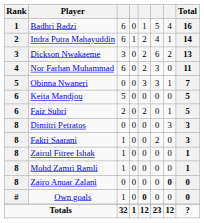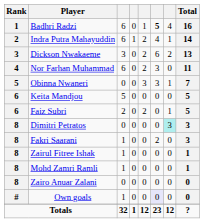 <table class="wikitable" style="text-align:center; font-size:90%">
 <tr>
 <th>Rank</th>
 <th>Player</th>
 <th></th>
 <th></th>
 <th></th>
 <th></th>
 <th></th>
 <th>Total</th>
 </tr>
 <tr>
 <th>1</th>
 <td align=left>  <a href='#'>Badhri Radzi</a></td>
 <td>6</td>
 <td>0</td>
 <td>1</td>
-<td>5</td>
+<td><strong>5</strong></td>
 <td>4</td>
 <th>16</th>
 </tr>
 <tr>
 <th>2</th>
 <td align=left>  <a href='#'>Indra Putra Mahayuddin</a></td>
 <td>6</td>
 <td>1</td>
 <td>2</td>
 <td>4</td>
 <td>1</td>
 <th>14</th>
 </tr>
 <tr>
 <th>3</th>
 <td align=left> <a href='#'>Dickson Nwakaeme</a></td>
 <td>3</td>
 <td>0</td>
 <td>2</td>
 <td>6</td>
 <td>2</td>
 <th>13</th>
 </tr>
 <tr>
 <th>4</th>
 <td align=left>  <a href='#'>Nor Farhan Muhammad</a></td>
 <td>6</td>
 <td>0</td>
 <td>2</td>
 <td>3</td>
 <td>0</td>
 <th>11</th>
 </tr>
 <tr>
 <th>5</th>
 <td align=left> <a href='#'>Obinna Nwaneri</a></td>
 <td>0</td>
 <td>0</td>
 <td>3</td>
 <td>3</td>
 <td>1</td>
 <th>7</th>
 </tr>
 <tr>
 <th>6</th>
 <td align=left> <a href='#'>Keita Mandjou</a></td>
 <td>5</td>
 <td>0</td>
 <td>0</td>
 <td>0</td>
 <td>0</td>
 <th>5</th>
 </tr>
 <tr>
 <th>6</th>
 <td align=left>  <a href='#'>Faiz Subri</a></td>
 <td>2</td>
 <td>0</td>
 <td>2</td>
 <td>0</td>
 <td>1</td>
 <th>5</th>
 </tr>
 <tr>
 <th>8</th>
 <td align=left> <a href='#'>Dimitri Petratos</a></td>
 <td>0</td>
 <td>0</td>
 <td>0</td>
 <td>0</td>
-<td>3</td>
+<td style="background: paleturquoise;">3</td>
 <th>3</th>
 </tr>
 <tr>
 <th>8</th>
 <td align=left> <a href='#'>Fakri Saarani</a></td>
 <td>1</td>
 <td>0</td>
 <td>0</td>
 <td>2</td>
 <td>0</td>
 <th>3</th>
 </tr>
 <tr>
 <th>8</th>
 <td align=left> <a href='#'>Zairul Fitree Ishak</a></td>
 <td>1</td>
 <td>0</td>
 <td>0</td>
 <td>0</td>
 <td>0</td>
 <th>1</th>
 </tr>
 <tr>
 <th>8</th>
 <td align=left> <a href='#'>Mohd Zamri Ramli</a></td>
 <td>1</td>
 <td>0</td>
 <td>0</td>
 <td>0</td>
 <td>0</td>
 <th>1</th>
 </tr>
 <tr>
 <th>8</th>
 <td align=left> <a href='#'>Zairo Anuar Zalani</a></td>
 <td>0</td>
 <td>0</td>
 <td>0</td>
 <td>0</td>
-<td><strong>0</strong></td>
+<td>0</td>
 <th>0</th>
 </tr>
 <tr>
 <th>#</th>
 <td colspan="1"><a href='#'>Own goals</a></td>
 <td>1</td>
 <td>0</td>
-<td><strong>0</strong></td>
 <td>0</td>
+<td style="background: lavender;">0</td>
 <td>0</td>
 <th><strong>0</strong></th>
 </tr>
 <tr>
 </tr>
 <tr class="sortbottom">
 <td colspan=2><strong>Totals</strong></td>
 <td><strong>32</strong></td>
 <td><strong>1</strong></td>
 <td><strong>12</strong></td>
 <td><strong>23</strong></td>
 <td><strong>12</strong></td>
 <td><strong>?</strong></td>
 </tr>
 </table>
